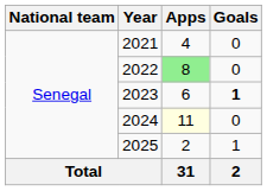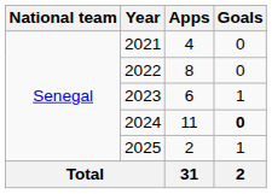 <table class="wikitable" style="text-align:center">
 <tr>
 <th>National team</th>
 <th>Year</th>
 <th>Apps</th>
 <th>Goals</th>
 </tr>
 <tr>
 <td rowspan="5"><a href='#'>Senegal</a></td>
 <td>2021</td>
 <td>4</td>
 <td>0</td>
 </tr>
 <tr>
 <td>2022</td>
-<td style="background: lightgreen;">8</td>
+<td>8</td>
 <td>0</td>
 </tr>
 <tr>
 <td>2023</td>
 <td>6</td>
-<td><strong>1</strong></td>
+<td>1</td>
 </tr>
 <tr>
 <td>2024</td>
-<td style="background: lightyellow;">11</td>
-<td>0</td>
+<td>11</td>
+<td><strong>0</strong></td>
 </tr>
 <tr>
 <td>2025</td>
 <td>2</td>
 <td>1</td>
 </tr>
 <tr>
 <th colspan="2">Total</th>
 <th>31</th>
 <th>2</th>
 </tr>
 </table>
